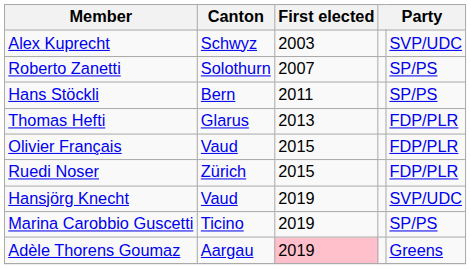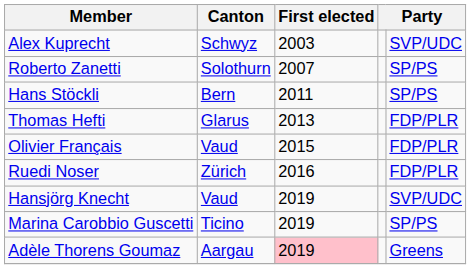 <table class="wikitable">
 <tr>
 <th>Member</th>
 <th>Canton</th>
 <th>First elected</th>
 <th colspan=2>Party</th>
 </tr>
 <tr>
 <td><a href='#'>Alex Kuprecht</a></td>
 <td><a href='#'>Schwyz</a></td>
 <td>2003</td>
 <td style="background-color:"></td>
 <td><a href='#'>SVP/UDC</a></td>
 </tr>
 <tr>
 <td><a href='#'>Roberto Zanetti</a></td>
 <td><a href='#'>Solothurn</a></td>
 <td>2007</td>
 <td style="background-color:"></td>
 <td><a href='#'>SP/PS</a></td>
 </tr>
 <tr>
 <td><a href='#'>Hans Stöckli</a></td>
 <td><a href='#'>Bern</a></td>
 <td>2011</td>
 <td style="background-color:"></td>
 <td><a href='#'>SP/PS</a></td>
 </tr>
 <tr>
 <td><a href='#'>Thomas Hefti</a></td>
 <td><a href='#'>Glarus</a></td>
 <td>2013</td>
 <td style="background-color:"></td>
 <td><a href='#'>FDP/PLR</a></td>
 </tr>
 <tr>
 <td><a href='#'>Olivier Français</a></td>
 <td><a href='#'>Vaud</a></td>
 <td>2015</td>
 <td style="background-color:"></td>
 <td><a href='#'>FDP/PLR</a></td>
 </tr>
 <tr>
 <td><a href='#'>Ruedi Noser</a></td>
 <td><a href='#'>Zürich</a></td>
-<td>2015</td>
+<td>2016</td>
 <td style="background-color:"></td>
 <td><a href='#'>FDP/PLR</a></td>
 </tr>
 <tr>
 <td><a href='#'>Hansjörg Knecht</a></td>
 <td><a href='#'>Vaud</a></td>
 <td>2019</td>
 <td style="background-color:"></td>
 <td><a href='#'>SVP/UDC</a></td>
 </tr>
 <tr>
 <td><a href='#'>Marina Carobbio Guscetti</a></td>
 <td><a href='#'>Ticino</a></td>
 <td>2019</td>
 <td style="background-color:"></td>
 <td><a href='#'>SP/PS</a></td>
 </tr>
 <tr>
 <td><a href='#'>Adèle Thorens Goumaz</a></td>
 <td><a href='#'>Aargau</a></td>
 <td style="background: pink;">2019</td>
 <td style="background-color:"></td>
 <td><a href='#'>Greens</a></td>
 </tr>
 <tr>
 </tr>
 </table>
